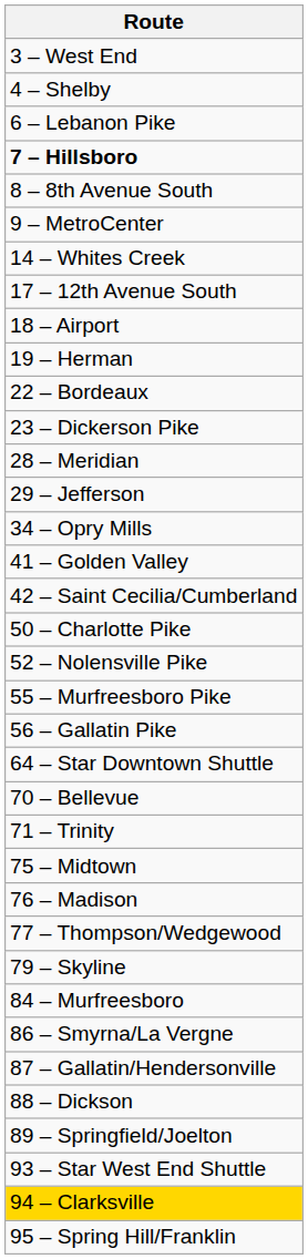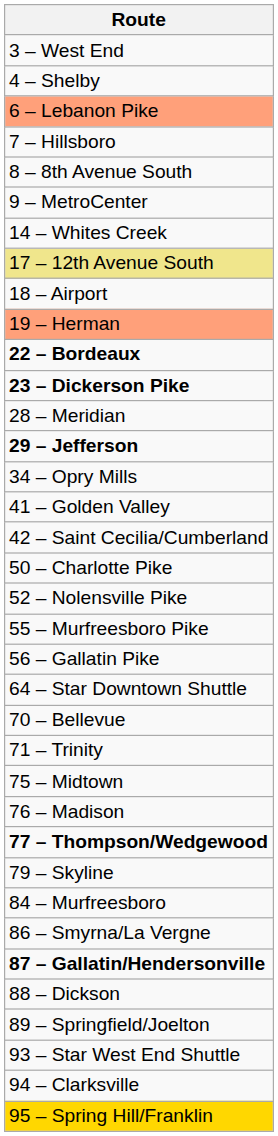 <table class="wikitable">
 <tr>
 <th>Route</th>
 </tr>
 <tr>
 <td>3 – West End</td>
 </tr>
 <tr>
 <td>4 – Shelby</td>
 </tr>
 <tr>
-<td>6 – Lebanon Pike</td>
+<td style="background: lightsalmon;">6 – Lebanon Pike</td>
 </tr>
 <tr>
-<td><strong>7 – Hillsboro</strong></td>
+<td>7 – Hillsboro</td>
 </tr>
 <tr>
 <td>8 – 8th Avenue South</td>
 </tr>
 <tr>
 <td>9 – MetroCenter</td>
 </tr>
 <tr>
 <td>14 – Whites Creek</td>
 </tr>
 <tr>
-<td>17 – 12th Avenue South</td>
+<td style="background: khaki;">17 – 12th Avenue South</td>
 </tr>
 <tr>
 <td>18 – Airport</td>
 </tr>
 <tr>
-<td>19 – Herman</td>
+<td style="background: lightsalmon;">19 – Herman</td>
 </tr>
 <tr>
-<td>22 – Bordeaux</td>
+<td><strong>22 – Bordeaux</strong></td>
 </tr>
 <tr>
-<td>23 – Dickerson Pike</td>
+<td><strong>23 – Dickerson Pike</strong></td>
 </tr>
 <tr>
 <td>28 – Meridian</td>
 </tr>
 <tr>
-<td>29 – Jefferson</td>
+<td><strong>29 – Jefferson</strong></td>
 </tr>
 <tr>
 <td>34 – Opry Mills</td>
 </tr>
 <tr>
 <td>41 – Golden Valley</td>
 </tr>
 <tr>
 <td>42 – Saint Cecilia/Cumberland</td>
 </tr>
 <tr>
 <td>50 – Charlotte Pike</td>
 </tr>
 <tr>
 <td>52 – Nolensville Pike</td>
 </tr>
 <tr>
 <td>55 – Murfreesboro Pike</td>
 </tr>
 <tr>
 <td>56 – Gallatin Pike</td>
 </tr>
 <tr>
 <td>64 – Star Downtown Shuttle</td>
 </tr>
 <tr>
 <td>70 – Bellevue</td>
 </tr>
 <tr>
 <td>71 – Trinity</td>
 </tr>
 <tr>
 <td>75 – Midtown</td>
 </tr>
 <tr>
 <td>76 – Madison</td>
 </tr>
 <tr>
-<td>77 – Thompson/Wedgewood</td>
+<td><strong>77 – Thompson/Wedgewood</strong></td>
 </tr>
 <tr>
 <td>79 – Skyline</td>
 </tr>
 <tr>
 <td>84 – Murfreesboro</td>
 </tr>
 <tr>
 <td>86 – Smyrna/La Vergne</td>
 </tr>
 <tr>
-<td>87 – Gallatin/Hendersonville</td>
+<td><strong>87 – Gallatin/Hendersonville</strong></td>
 </tr>
 <tr>
 <td>88 – Dickson</td>
 </tr>
 <tr>
 <td>89 – Springfield/Joelton</td>
 </tr>
 <tr>
 <td>93 – Star West End Shuttle</td>
 </tr>
 <tr>
-<td style="background: gold;">94 – Clarksville</td>
+<td>94 – Clarksville</td>
 </tr>
 <tr>
-<td>95 – Spring Hill/Franklin</td>
+<td style="background: gold;">95 – Spring Hill/Franklin</td>
 </tr>
 </table>
